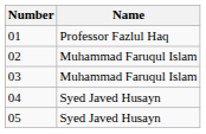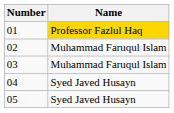 <table class="wikitable">
 <tr>
 <th>Number</th>
 <th>Name</th>
 </tr>
 <tr>
 <td>01</td>
-<td>Professor Fazlul Haq</td>
+<td style="background: gold;">Professor Fazlul Haq</td>
 </tr>
 <tr>
 <td>02</td>
 <td>Muhammad Faruqul Islam</td>
 </tr>
 <tr>
 <td>03</td>
 <td>Muhammad Faruqul Islam</td>
 </tr>
 <tr>
 <td>04</td>
 <td>Syed Javed Husayn</td>
 </tr>
 <tr>
 <td>05</td>
 <td>Syed Javed Husayn</td>
 </tr>
 </table>
